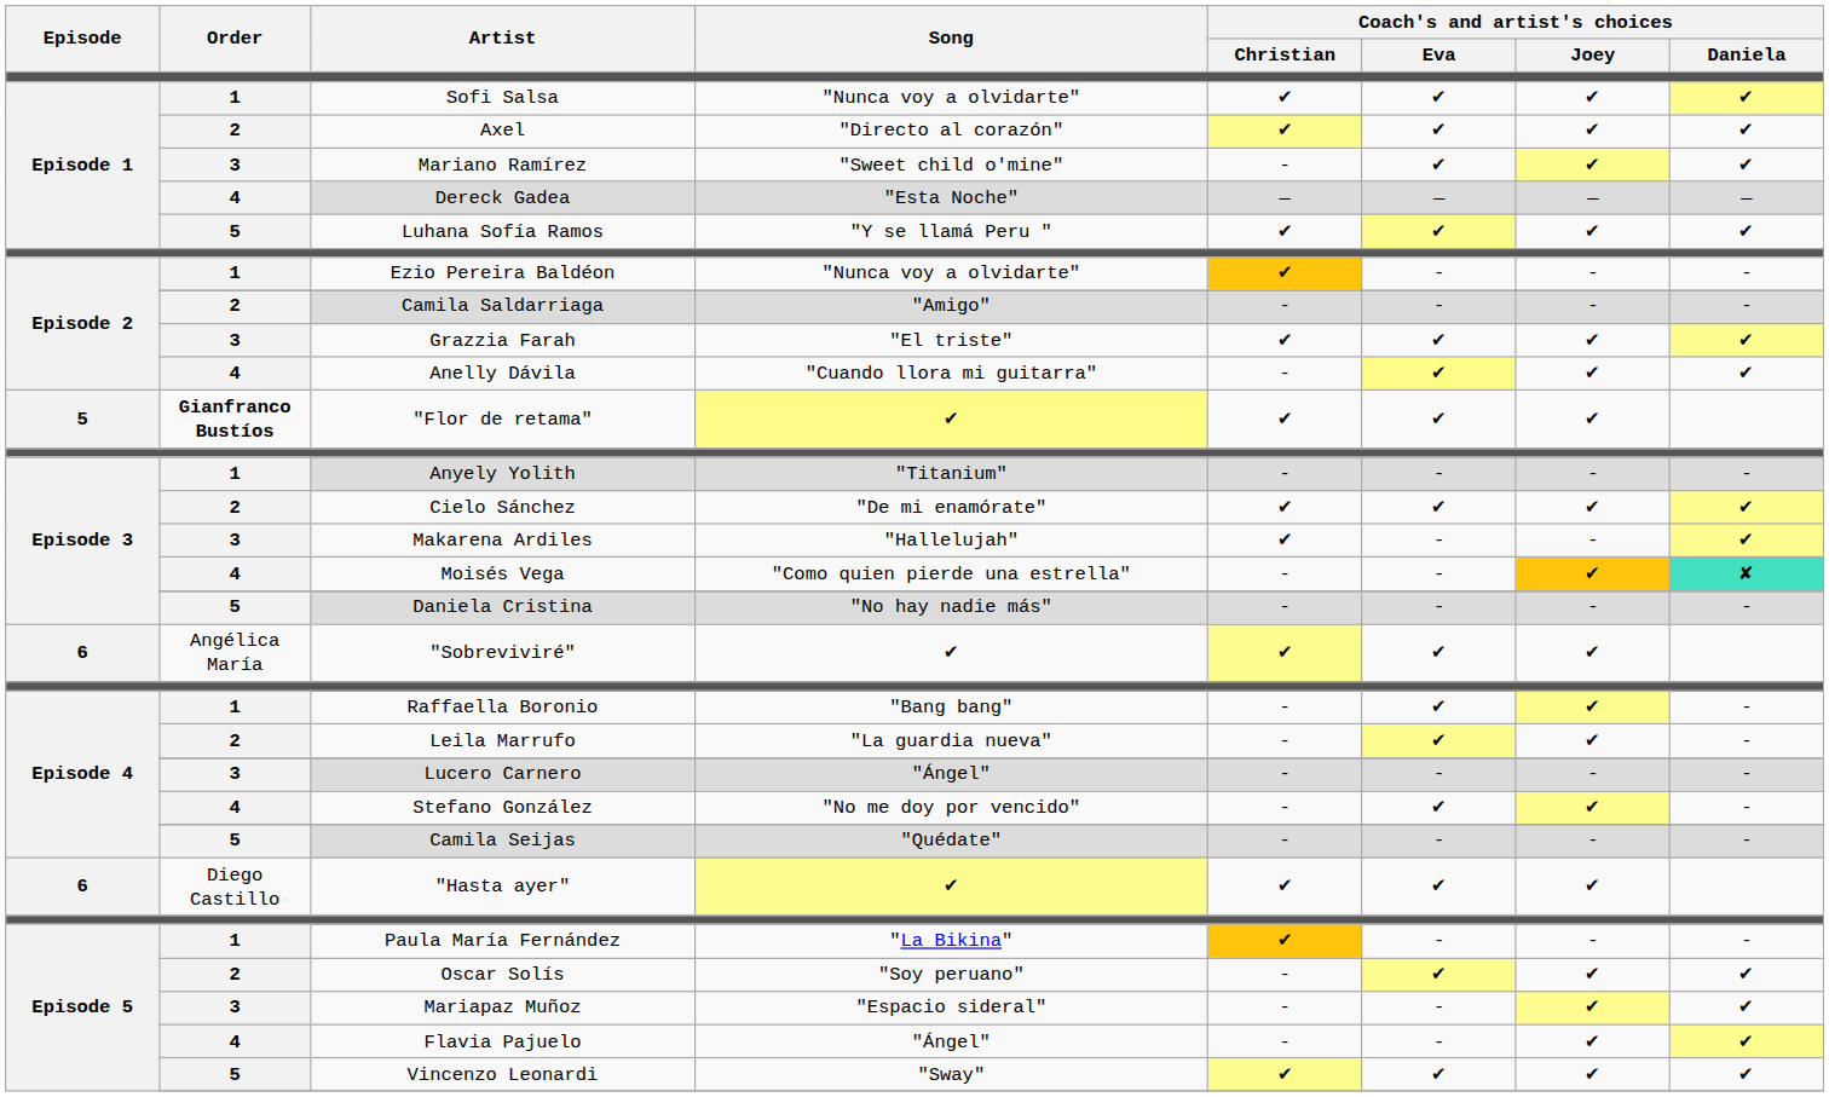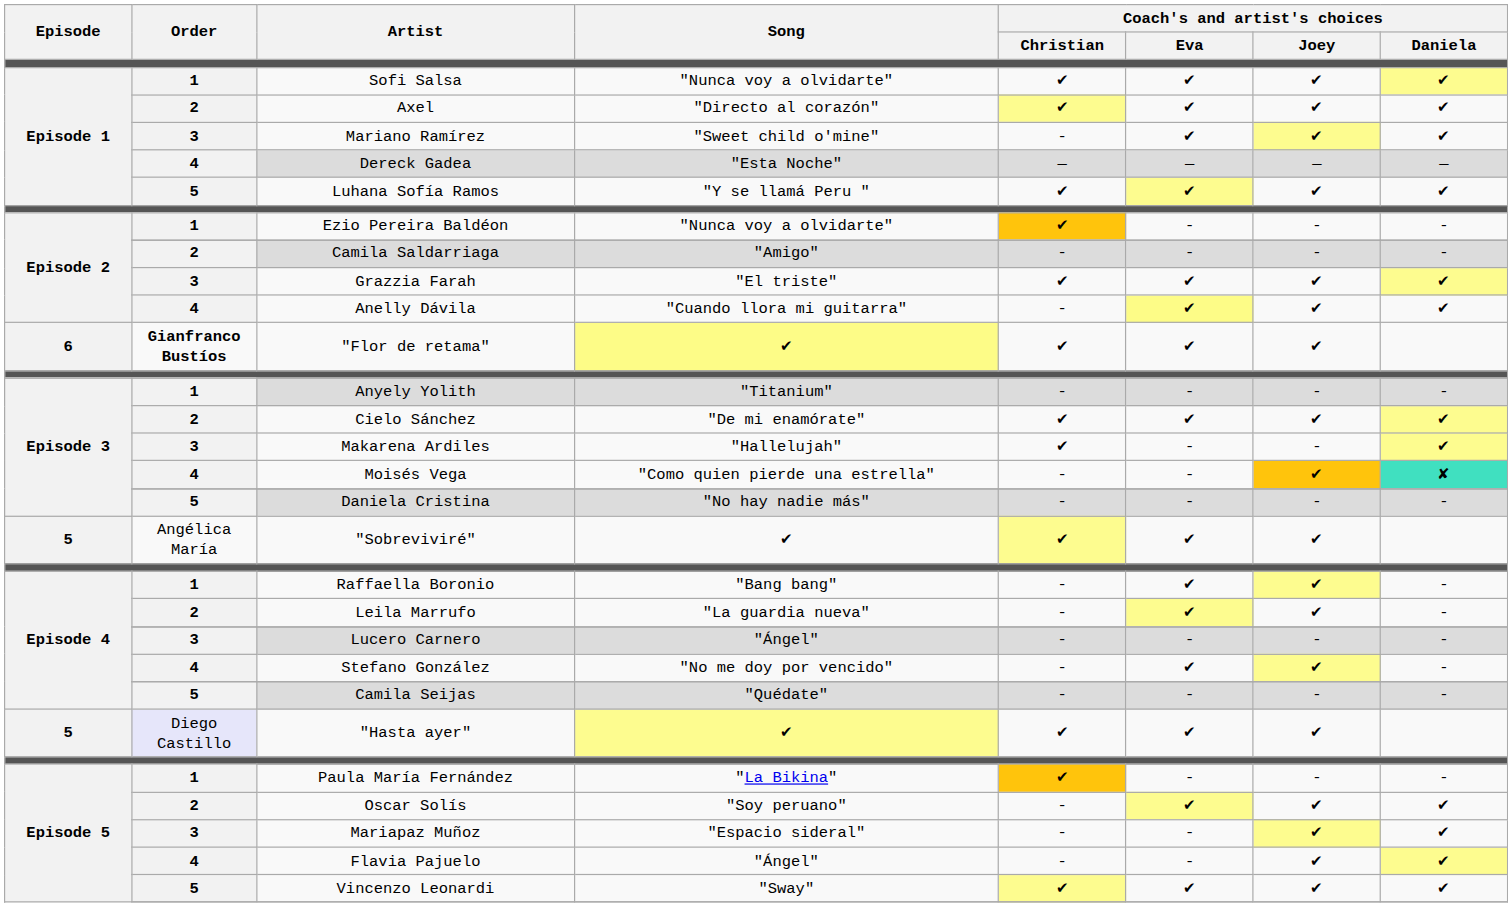 <table class="wikitable" style="text-align:center; line-height:17px; width:100%">
 <tr>
 <th rowspan="2" width="06%" scope="col">Episode</th>
 <th rowspan="2" width="04%" scope="col">Order</th>
 <th rowspan="2" width="15%" scope="col">Artist</th>
 <th rowspan="2" width="20%" scope="col">Song</th>
 <th colspan="4" width="24%" scope="col">Coach's and artist's choices</th>
 </tr>
 <tr>
 <th style="width:06%">Christian</th>
 <th style="width:06%">Eva</th>
 <th style="width:06%">Joey</th>
 <th style="width:06%">Daniela</th>
 </tr>
 <tr>
 <td colspan="8" bgcolor="#555555"></td>
 </tr>
 <tr>
 <th scope="row" rowspan="5">Episode 1<br></th>
 <th>1</th>
 <td>Sofi Salsa</td>
 <td>"Nunca voy a olvidarte"</td>
 <td>✔</td>
 <td>✔</td>
 <td>✔</td>
 <td style="background:#fdfc8f">✔</td>
 </tr>
 <tr>
 <th>2</th>
 <td>Axel</td>
 <td>"Directo al corazón"</td>
 <td style="background:#fdfc8f">✔</td>
 <td>✔</td>
 <td>✔</td>
 <td>✔</td>
 </tr>
 <tr>
 <th>3</th>
 <td>Mariano Ramírez</td>
 <td>"Sweet child o'mine"</td>
 <td>-</td>
 <td>✔</td>
 <td style="background:#fdfc8f">✔</td>
 <td>✔</td>
 </tr>
 <tr style="background:#dcdcdc">
 <th>4</th>
 <td>Dereck Gadea</td>
 <td>"Esta Noche"</td>
 <td>—</td>
 <td>—</td>
 <td>—</td>
 <td>—</td>
 </tr>
 <tr>
 <th>5</th>
 <td>Luhana Sofía Ramos</td>
 <td>"Y se llamá Peru "</td>
 <td>✔</td>
 <td style="background:#fdfc8f">✔</td>
 <td>✔</td>
 <td>✔</td>
 </tr>
 <tr>
 <td colspan="8" style="background:#555"></td>
 </tr>
 <tr>
 <th scope="row" rowspan="5">Episode 2<br></th>
 <th>1</th>
 <td>Ezio Pereira Baldéon</td>
 <td>"Nunca voy a olvidarte"</td>
 <td style="background:#ffc40c">✔</td>
 <td>-</td>
 <td>-</td>
 <td>-</td>
 </tr>
 <tr>
 </tr>
 <tr style="background:#dcdcdc">
 <th>2</th>
 <td>Camila Saldarriaga</td>
 <td>"Amigo"</td>
 <td>-</td>
 <td>-</td>
 <td>-</td>
 <td>-</td>
 </tr>
 <tr>
 <th>3</th>
 <td>Grazzia Farah</td>
 <td>"El triste"</td>
 <td>✔</td>
 <td>✔</td>
 <td>✔</td>
 <td style="background:#fdfc8f">✔</td>
 </tr>
 <tr>
 <th>4</th>
 <td>Anelly Dávila</td>
 <td>"Cuando llora mi guitarra"</td>
 <td>-</td>
 <td style="background:#fdfc87">✔</td>
 <td>✔</td>
 <td>✔</td>
 </tr>
 <tr>
-<th>5</th>
+<th>6</th>
 <td><strong>Gianfranco Bustíos</strong></td>
 <td>"Flor de retama"</td>
 <td style="background:#fdfc87">✔</td>
 <td>✔</td>
 <td>✔</td>
 <td>✔</td>
 </tr>
 <tr>
 <td colspan="8" style="background:#555"></td>
 </tr>
 <tr style=" background:#dcdcdc">
 <th rowspan="6">Episode 3<br></th>
 <th>1</th>
 <td>Anyely Yolith</td>
 <td>"Titanium"</td>
 <td>-</td>
 <td>-</td>
 <td>-</td>
 <td>-</td>
 </tr>
 <tr>
 <th>2</th>
 <td>Cielo Sánchez</td>
 <td>"De mi enamórate"</td>
 <td>✔</td>
 <td>✔</td>
 <td>✔</td>
 <td style="background:#fdfc8f">✔</td>
 </tr>
 <tr>
 <th>3</th>
 <td>Makarena Ardiles</td>
 <td>"Hallelujah"</td>
 <td>✔</td>
 <td>-</td>
 <td>-</td>
 <td style="background:#fdfc8f">✔</td>
 </tr>
 <tr>
 <th>4</th>
 <td>Moisés Vega</td>
 <td>"Como quien pierde una estrella"</td>
 <td>-</td>
 <td>-</td>
 <td style="background:#ffc40c">✔</td>
 <td style="background:#40e0c0">✘</td>
 </tr>
 <tr>
 </tr>
 <tr style=" background:#dcdcdc">
 <th>5</th>
 <td>Daniela Cristina</td>
 <td>"No hay nadie más"</td>
 <td>-</td>
 <td>-</td>
 <td>-</td>
 <td>-</td>
 </tr>
 <tr>
-<th>6</th>
+<th>5</th>
 <td>Angélica María</td>
 <td>"Sobreviviré"</td>
 <td>✔</td>
 <td style="background:#fdfc8f">✔</td>
 <td>✔</td>
 <td>✔</td>
 </tr>
 <tr>
 <td colspan="8" style="background:#555"></td>
 </tr>
 <tr>
 <th scope="row" rowspan="7">Episode 4<br></th>
 <th>1</th>
 <td>Raffaella Boronio</td>
 <td>"Bang bang"</td>
 <td>-</td>
 <td>✔</td>
 <td style="background:#fdfc8f">✔</td>
 <td>-</td>
 </tr>
 <tr>
 <th>2</th>
 <td>Leila Marrufo</td>
 <td>"La guardia nueva"</td>
 <td>-</td>
 <td style="background:#fdfc8f">✔</td>
 <td>✔</td>
 <td>-</td>
 </tr>
 <tr>
 </tr>
 <tr style=" background:#dcdcdc">
 <th>3</th>
 <td>Lucero Carnero</td>
 <td>"Ángel"</td>
 <td>-</td>
 <td>-</td>
 <td>-</td>
 <td>-</td>
 </tr>
 <tr>
 <th>4</th>
 <td>Stefano González</td>
 <td>"No me doy por vencido"</td>
 <td>-</td>
 <td>✔</td>
 <td style="background:#fdfc8f">✔</td>
 <td>-</td>
 </tr>
 <tr>
 </tr>
 <tr style=" background:#dcdcdc">
 <th>5</th>
 <td>Camila Seijas</td>
 <td>"Quédate"</td>
 <td>-</td>
 <td>-</td>
 <td>-</td>
 <td>-</td>
 </tr>
 <tr>
-<th>6</th>
-<td>Diego Castillo</td>
+<th>5</th>
+<td style="background: lavender;">Diego Castillo</td>
 <td>"Hasta ayer"</td>
 <td style="background:#fdfc8f">✔</td>
 <td>✔</td>
 <td>✔</td>
 <td>✔</td>
 </tr>
 <tr>
 <td colspan="9" style="background:#555"></td>
 </tr>
 <tr>
 <th scope="row" rowspan="8">Episode 5<br></th>
 <th>1</th>
 <td>Paula María Fernández</td>
 <td>"<a href='#'>La Bikina</a>"</td>
 <td style="background:#ffc40c">✔</td>
 <td>-</td>
 <td>-</td>
 <td>-</td>
 </tr>
 <tr>
 <th>2</th>
 <td>Oscar Solís</td>
 <td>"Soy peruano"</td>
 <td>-</td>
 <td style="background:#fdfc8f">✔</td>
 <td>✔</td>
 <td>✔</td>
 </tr>
 <tr>
 <th>3</th>
 <td>Mariapaz Muñoz</td>
 <td>"Espacio sideral"</td>
 <td>-</td>
 <td>-</td>
 <td style="background:#fdfc8f">✔</td>
 <td>✔</td>
 </tr>
 <tr>
 <th>4</th>
 <td>Flavia Pajuelo</td>
 <td>"Ángel"</td>
 <td>-</td>
 <td>-</td>
 <td>✔</td>
 <td style="background:#fdfc8f">✔</td>
 </tr>
 <tr>
 <th>5</th>
 <td>Vincenzo Leonardi</td>
 <td>"Sway"</td>
 <td style="background:#fdfc8f">✔</td>
 <td>✔</td>
 <td>✔</td>
 <td>✔</td>
 </tr>
 <tr>
 </tr>
 </table>
